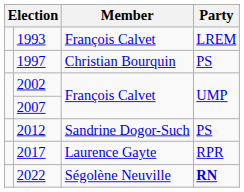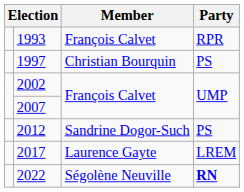 <table class="wikitable">
 <tr>
 <th colspan=2>Election</th>
 <th>Member</th>
 <th>Party</th>
 </tr>
 <tr>
 <td style="background-color: "></td>
 <td><a href='#'>1993</a></td>
 <td><a href='#'>François Calvet</a></td>
-<td><a href='#'>LREM</a></td>
+<td><a href='#'>RPR</a></td>
 </tr>
 <tr>
 <td style="background-color: "></td>
 <td><a href='#'>1997</a></td>
 <td><a href='#'>Christian Bourquin</a></td>
 <td><a href='#'>PS</a></td>
 </tr>
 <tr>
 <td rowspan="2" style="background-color: "></td>
 <td><a href='#'>2002</a></td>
 <td rowspan="2"><a href='#'>François Calvet</a></td>
 <td rowspan="2"><a href='#'>UMP</a></td>
 </tr>
 <tr>
 <td><a href='#'>2007</a></td>
 </tr>
 <tr>
 <td style="background-color: "></td>
 <td><a href='#'>2012</a></td>
 <td><a href='#'>Sandrine Dogor-Such</a></td>
 <td><a href='#'>PS</a></td>
 </tr>
 <tr>
 <td style="background-color: "></td>
 <td><a href='#'>2017</a></td>
 <td><a href='#'>Laurence Gayte</a></td>
-<td><a href='#'>RPR</a></td>
+<td><a href='#'>LREM</a></td>
 </tr>
 <tr>
 <td style="background-color: "></td>
 <td><a href='#'>2022</a></td>
 <td><a href='#'>Ségolène Neuville</a></td>
 <td><strong><a href='#'>RN</a></strong></td>
 </tr>
 </table>
